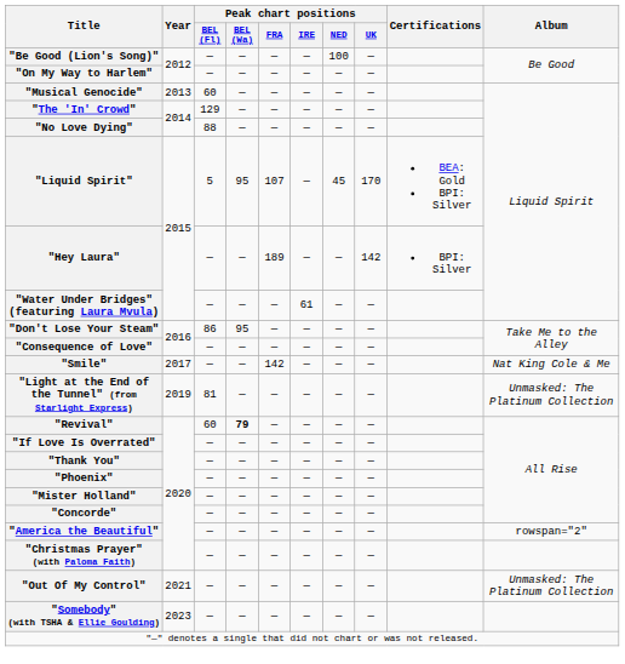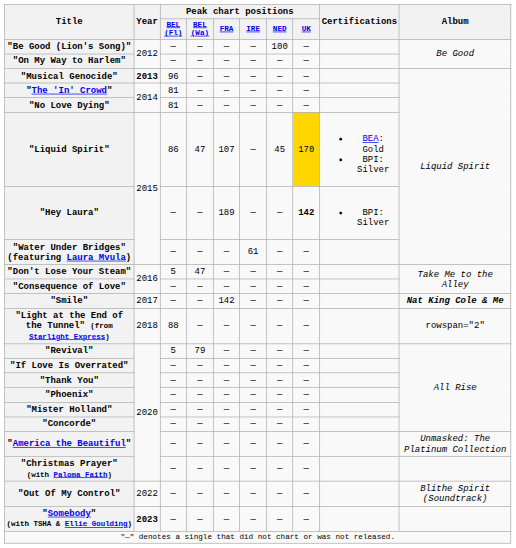 <table class="wikitable plainrowheaders" style="text-align:center;">
 <tr>
 <th scope="col" rowspan="2" style="width:14em;">Title</th>
 <th scope="col" rowspan="2" style="width:1em;">Year</th>
 <th scope="col" colspan="6">Peak chart positions</th>
 <th scope="col" rowspan="2" style="width:8em;">Certifications</th>
 <th scope="col" rowspan="2" style="width:12em;">Album</th>
 </tr>
 <tr>
 <th scope="col" style="width:3em;font-size:85%;"><a href='#'>BEL (Fl)</a><br></th>
 <th scope="col" style="width:3em;font-size:85%;"><a href='#'>BEL (Wa)</a><br></th>
 <th scope="col" style="width:3em;font-size:85%;"><a href='#'>FRA</a><br></th>
 <th scope="col" style="width:3em;font-size:85%;"><a href='#'>IRE</a><br></th>
 <th scope="col" style="width:3em;font-size:85%;"><a href='#'>NED</a><br></th>
 <th scope="col" style="width:3em;font-size:85%;"><a href='#'>UK</a><br></th>
 </tr>
 <tr>
 <th scope="row">"Be Good (Lion's Song)"</th>
 <td rowspan="2">2012</td>
 <td>—</td>
 <td>—</td>
 <td>—</td>
 <td>—</td>
 <td>100</td>
 <td>—</td>
 <td></td>
 <td rowspan="2"><em>Be Good</em></td>
 </tr>
 <tr>
 <th scope="row">"On My Way to Harlem"</th>
 <td>—</td>
 <td>—</td>
 <td>—</td>
 <td>—</td>
 <td>—</td>
 <td>—</td>
 <td></td>
 </tr>
 <tr>
 <th scope="row">"Musical Genocide"</th>
-<td>2013</td>
-<td>60</td>
+<td><strong>2013</strong></td>
+<td>96</td>
 <td>—</td>
 <td>—</td>
 <td>—</td>
 <td>—</td>
 <td>—</td>
 <td></td>
 <td rowspan="6"><em>Liquid Spirit</em></td>
 </tr>
 <tr>
 <th scope="row">"<a href='#'>The 'In' Crowd</a>"</th>
 <td rowspan="2">2014</td>
-<td>129</td>
+<td>81</td>
 <td>—</td>
 <td>—</td>
 <td>—</td>
 <td>—</td>
 <td>—</td>
 <td></td>
 </tr>
 <tr>
 <th scope="row">"No Love Dying"</th>
-<td>88</td>
+<td>81</td>
 <td>—</td>
 <td>—</td>
 <td>—</td>
 <td>—</td>
 <td>—</td>
 <td></td>
 </tr>
 <tr>
 <th scope="row">"Liquid Spirit"</th>
 <td rowspan="3">2015</td>
-<td>5</td>
-<td>95</td>
+<td>86</td>
+<td>47</td>
 <td>107</td>
 <td>—</td>
 <td>45</td>
-<td>170</td>
+<td style="background: gold;">170</td>
 <td><br><ul><li><a href='#'>BEA</a>: Gold</li><li>BPI: Silver</li></ul></td>
 </tr>
 <tr>
 <th scope="row">"Hey Laura"</th>
 <td>—</td>
 <td>—</td>
 <td>189</td>
 <td>—</td>
 <td>—</td>
-<td>142</td>
+<td><strong>142</strong></td>
 <td><br><ul><li>BPI: Silver</li></ul></td>
 </tr>
 <tr>
 <th scope="row">"Water Under Bridges"<br><span>(featuring <a href='#'>Laura Mvula</a>)</span></th>
 <td>—</td>
 <td>—</td>
 <td>—</td>
 <td>61</td>
 <td>—</td>
 <td>—</td>
 <td></td>
 </tr>
 <tr>
 <th scope="row">"Don't Lose Your Steam"</th>
 <td rowspan="2">2016</td>
-<td>86</td>
-<td>95</td>
+<td>5</td>
+<td>47</td>
 <td>—</td>
 <td>—</td>
 <td>—</td>
 <td>—</td>
 <td></td>
 <td rowspan="2"><em>Take Me to the Alley</em></td>
 </tr>
 <tr>
 <th scope="row">"Consequence of Love"</th>
 <td>—</td>
 <td>—</td>
 <td>—</td>
 <td>—</td>
 <td>—</td>
 <td>—</td>
 </tr>
 <tr>
 <th scope="row">"Smile"</th>
 <td>2017</td>
 <td>—</td>
 <td>—</td>
 <td>142<br></td>
 <td>—</td>
 <td>—</td>
 <td>—</td>
 <td></td>
-<td><em>Nat King Cole & Me</em></td>
+<td><strong><em>Nat King Cole & Me</em></strong></td>
 </tr>
 <tr>
 <th scope="row">"Light at the End of the Tunnel" <small>(from <a href='#'>Starlight Express</a>)</small></th>
-<td>2019</td>
-<td>81</td>
+<td>2018</td>
+<td>88</td>
 <td>—</td>
 <td>—</td>
 <td>—</td>
 <td>—</td>
 <td>—</td>
 <td></td>
-<td><em>Unmasked: The Platinum Collection</em></td>
+<td>rowspan="2" </td>
 </tr>
 <tr>
 <th scope="row">"Revival"</th>
 <td rowspan="8">2020</td>
-<td>60</td>
-<td><strong>79</strong></td>
+<td>5</td>
+<td>79</td>
 <td>—</td>
 <td>—</td>
 <td>—</td>
 <td>—</td>
 <td></td>
 <td rowspan="6"><em>All Rise</em></td>
 </tr>
 <tr>
 <th scope="row">"If Love Is Overrated"</th>
 <td>—</td>
 <td>—</td>
 <td>—</td>
 <td>—</td>
 <td>—</td>
 <td>—</td>
 <td></td>
 </tr>
 <tr>
 <th scope="row">"Thank You"</th>
 <td>—</td>
 <td>—</td>
 <td>—</td>
 <td>—</td>
 <td>—</td>
 <td>—</td>
 <td></td>
 </tr>
 <tr>
 <th scope="row">"Phoenix"</th>
 <td>—</td>
 <td>—</td>
 <td>—</td>
 <td>—</td>
 <td>—</td>
 <td>—</td>
 <td></td>
 </tr>
 <tr>
 <th scope="row">"Mister Holland"</th>
 <td>—</td>
 <td>—</td>
 <td>—</td>
 <td>—</td>
 <td>—</td>
 <td>—</td>
 <td></td>
 </tr>
 <tr>
 <th scope="row">"Concorde"</th>
 <td>—</td>
 <td>—</td>
 <td>—</td>
 <td>—</td>
 <td>—</td>
 <td>—</td>
 <td></td>
 </tr>
 <tr>
 <th scope="row">"<a href='#'>America the Beautiful</a>"</th>
 <td>—</td>
 <td>—</td>
 <td>—</td>
 <td>—</td>
 <td>—</td>
 <td>—</td>
 <td></td>
-<td>rowspan="2" </td>
+<td><em>Unmasked: The Platinum Collection</em></td>
 </tr>
 <tr>
 <th scope="row">"Christmas Prayer"<br><small>(with <a href='#'>Paloma Faith</a>)</small></th>
 <td>—</td>
 <td>—</td>
 <td>—</td>
 <td>—</td>
 <td>—</td>
 <td>—</td>
 <td></td>
 </tr>
 <tr>
 <th scope="row">"Out Of My Control"</th>
-<td>2021</td>
+<td>2022</td>
 <td>—</td>
 <td>—</td>
 <td>—</td>
 <td>—</td>
 <td>—</td>
 <td>—</td>
 <td></td>
-<td><em>Unmasked: The Platinum Collection</em></td>
+<td><em>Blithe Spirit (Soundtrack)</em></td>
 </tr>
 <tr>
 <th scope="row">"<a href='#'>Somebody</a>"<br><small>(with TSHA & <a href='#'>Ellie Goulding</a>)<br></small></th>
-<td>2023</td>
+<td><strong>2023</strong></td>
 <td>—</td>
 <td>—</td>
 <td>—</td>
 <td>—</td>
 <td>—</td>
 <td>—</td>
 <td></td>
 <td></td>
 </tr>
 <tr>
 <td colspan="21" style="text-align:center; font-size:85%;">"—" denotes a single that did not chart or was not released.</td>
 </tr>
 </table>
